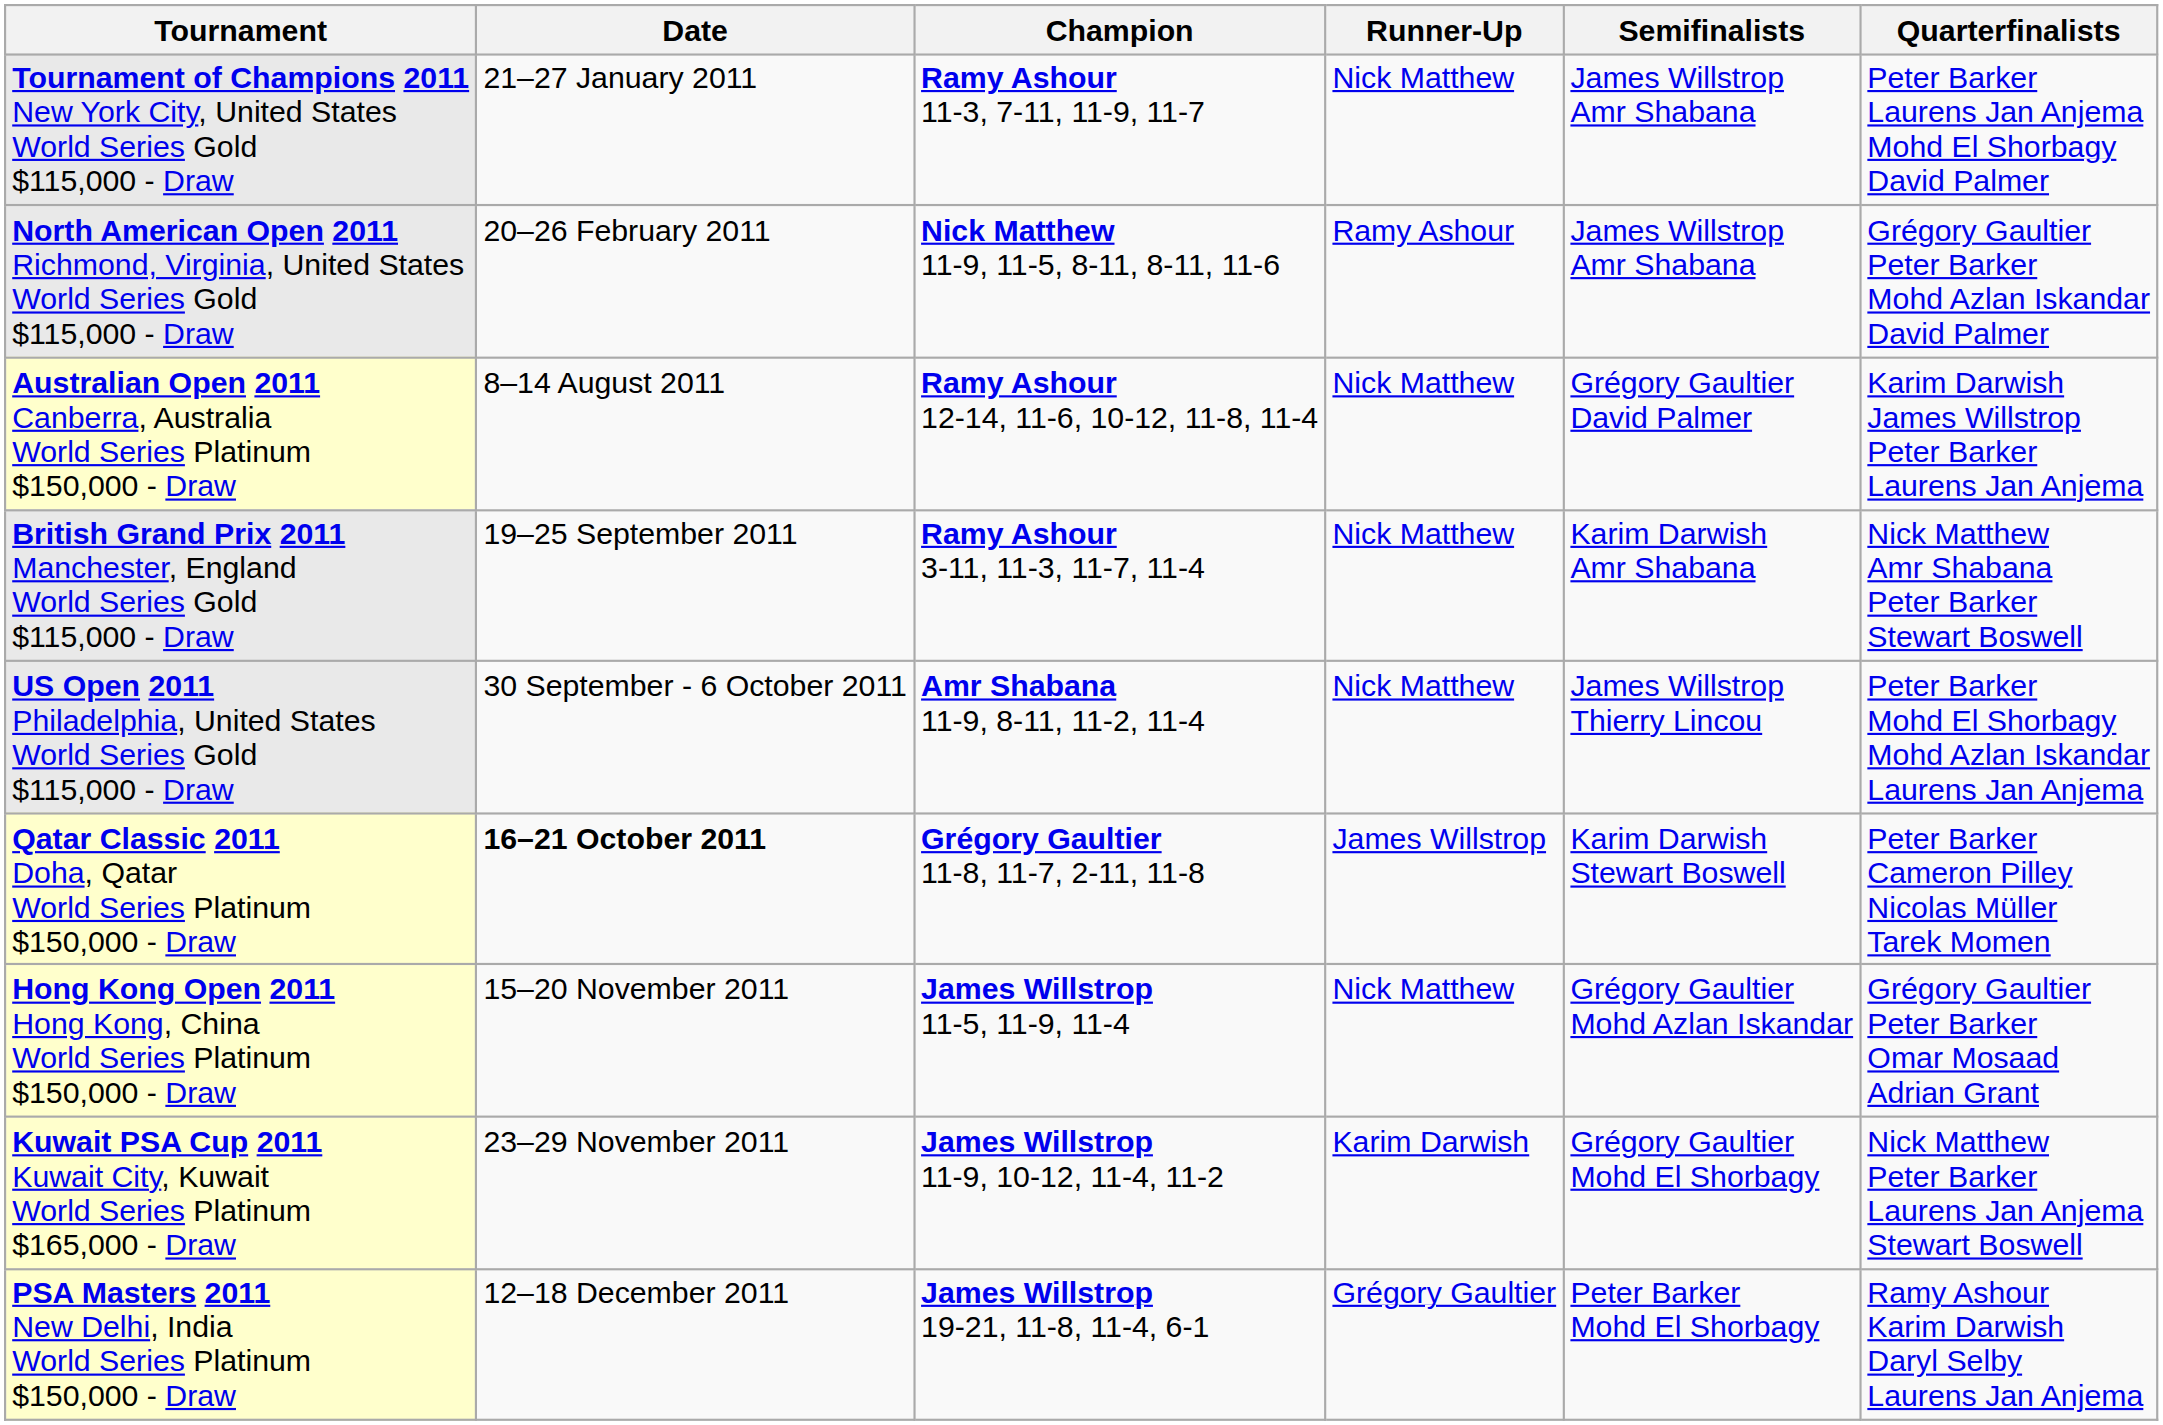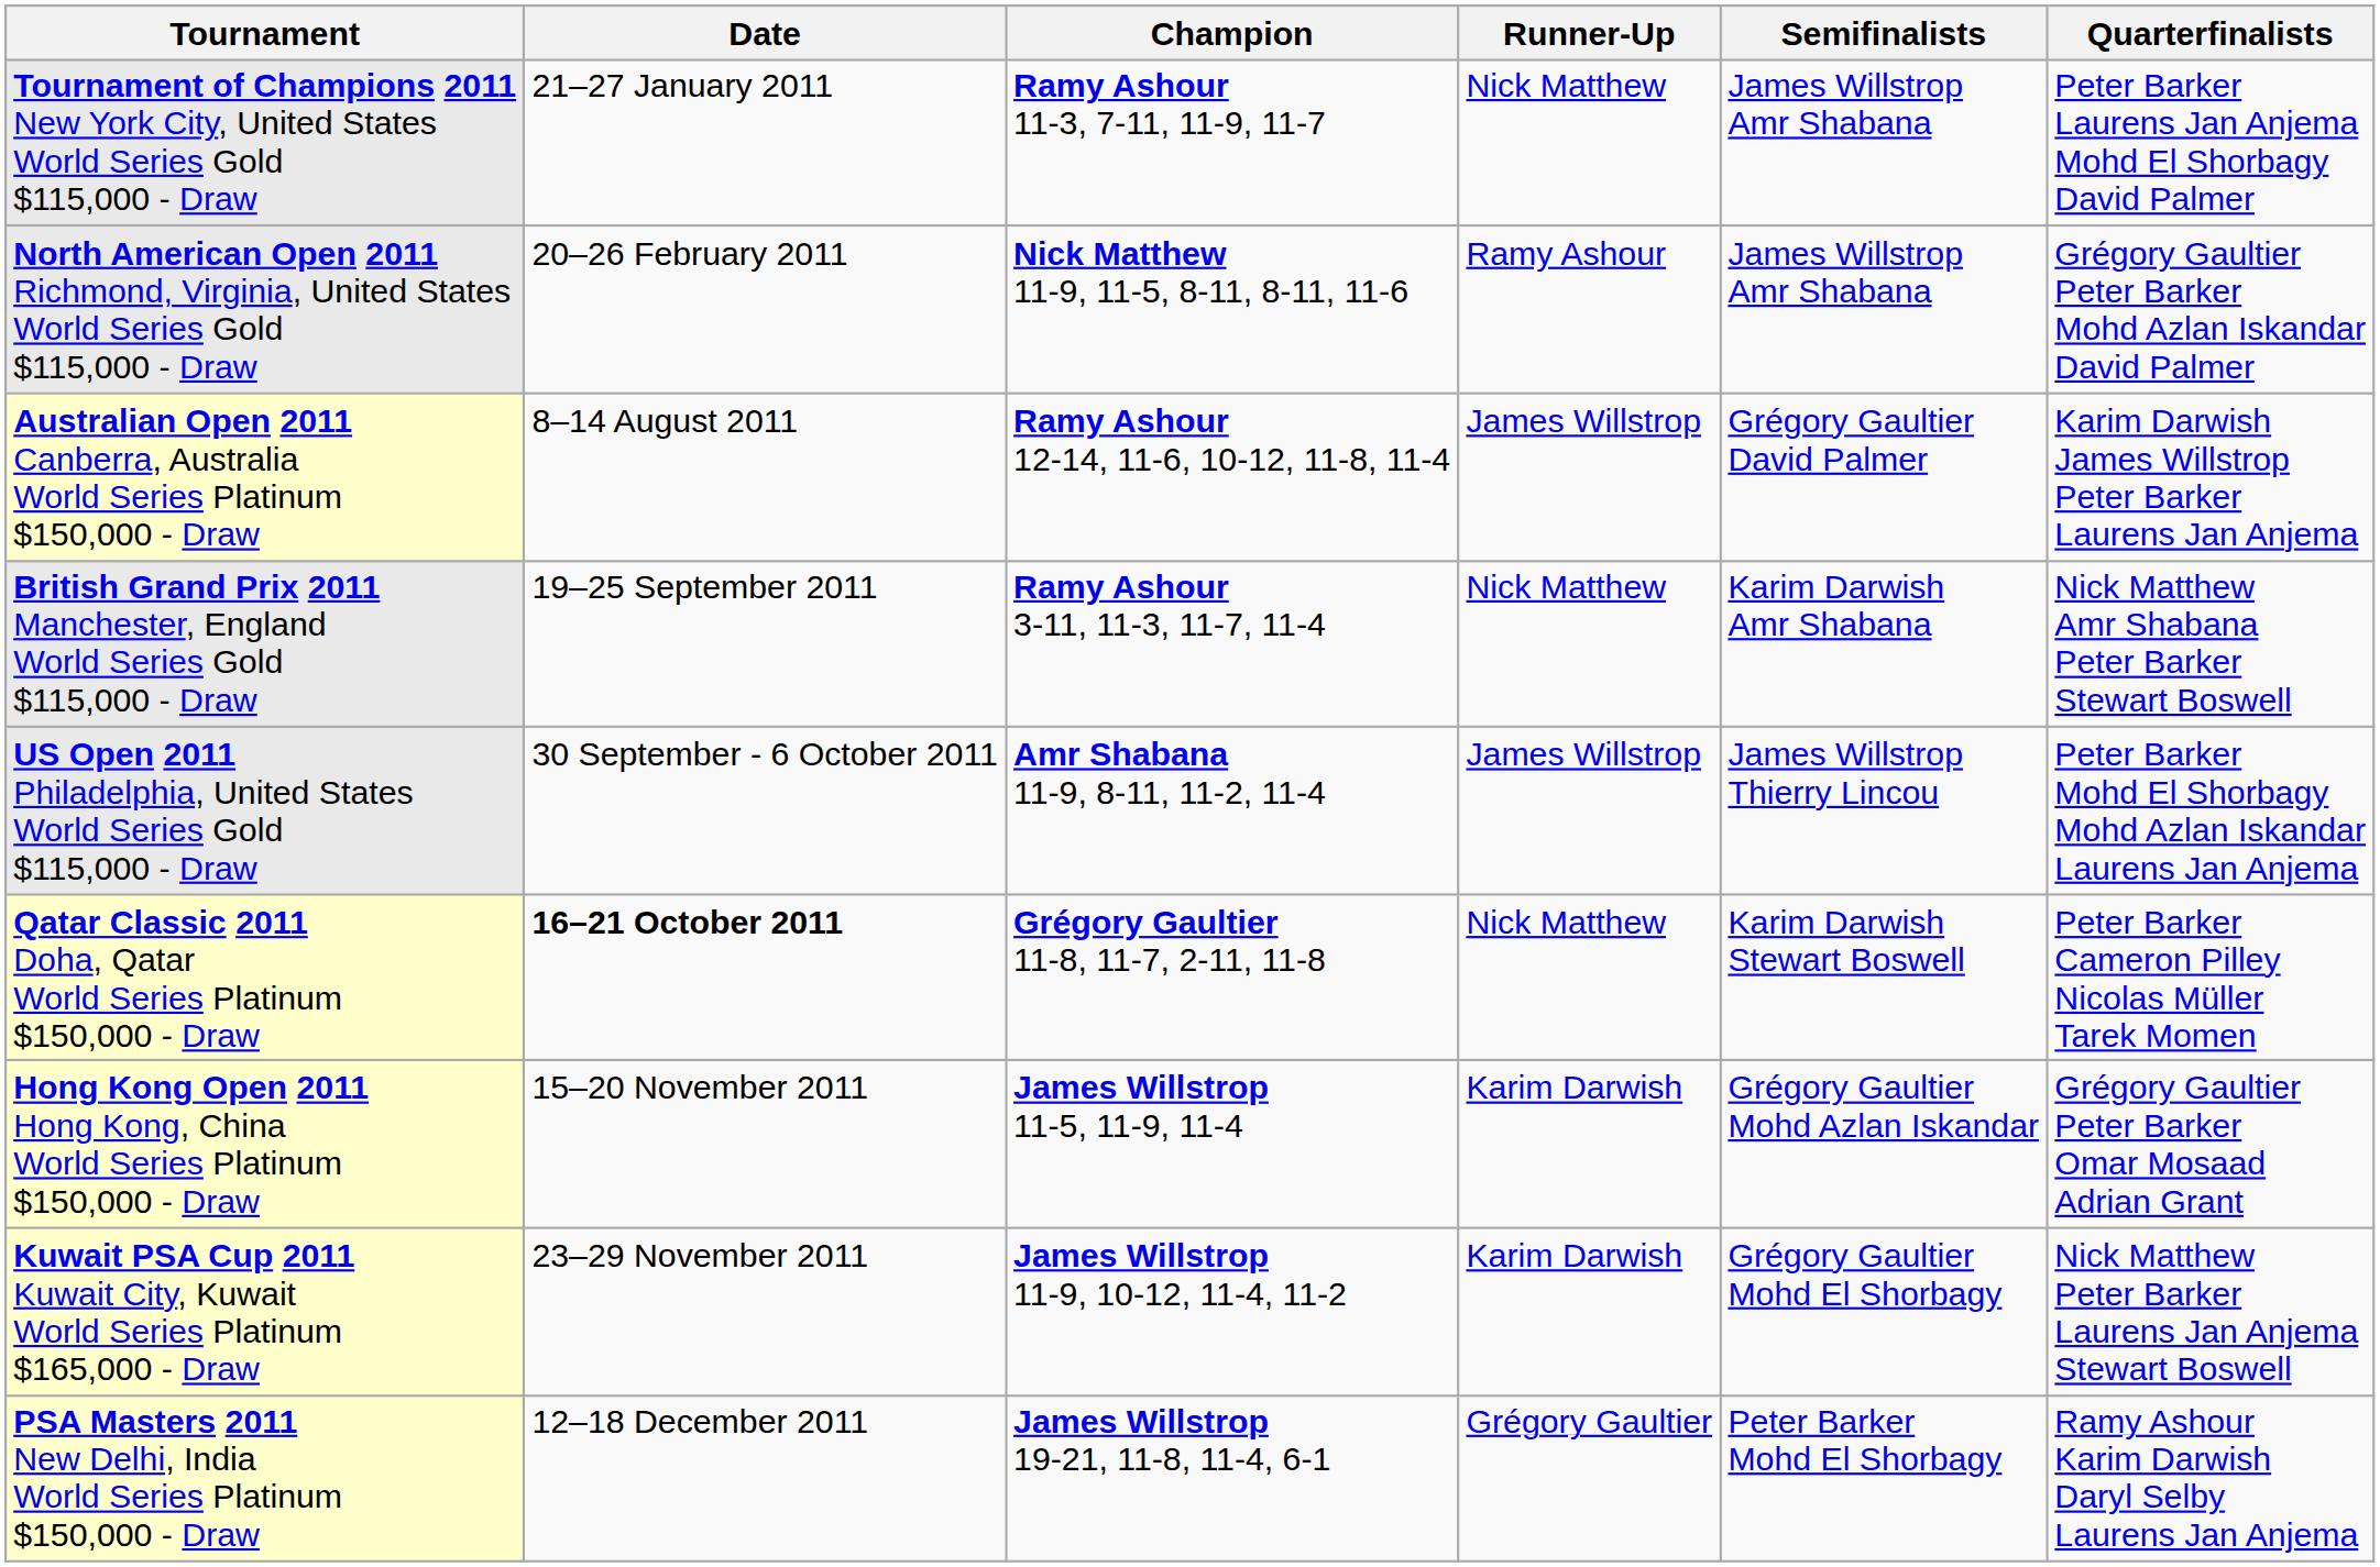 <table class="wikitable" style="font-size:88%">
 <tr>
 <th>Tournament</th>
 <th>Date</th>
 <th>Champion</th>
 <th>Runner-Up</th>
 <th>Semifinalists</th>
 <th>Quarterfinalists</th>
 </tr>
 <tr valign=top>
 <td style="background:#E9E9E9;"><strong><a href='#'>Tournament of Champions</a> <a href='#'>2011</a></strong><br> <a href='#'>New York City</a>, United States<br><a href='#'>World Series</a> Gold<br>$115,000 - <a href='#'>Draw</a></td>
 <td>21–27 January 2011</td>
 <td> <strong><a href='#'>Ramy Ashour</a></strong><br>11-3, 7-11, 11-9, 11-7</td>
 <td> <a href='#'>Nick Matthew</a></td>
 <td> <a href='#'>James Willstrop</a><br> <a href='#'>Amr Shabana</a></td>
 <td> <a href='#'>Peter Barker</a><br> <a href='#'>Laurens Jan Anjema</a><br> <a href='#'>Mohd El Shorbagy</a><br> <a href='#'>David Palmer</a></td>
 </tr>
 <tr valign=top>
 <td style="background:#E9E9E9;"><strong><a href='#'>North American Open</a> <a href='#'>2011</a></strong><br> <a href='#'>Richmond, Virginia</a>, United States<br><a href='#'>World Series</a> Gold<br>$115,000 - <a href='#'>Draw</a></td>
 <td>20–26 February 2011</td>
 <td> <strong><a href='#'>Nick Matthew</a></strong><br>11-9, 11-5, 8-11, 8-11, 11-6</td>
 <td> <a href='#'>Ramy Ashour</a></td>
 <td> <a href='#'>James Willstrop</a><br> <a href='#'>Amr Shabana</a></td>
 <td> <a href='#'>Grégory Gaultier</a><br> <a href='#'>Peter Barker</a><br> <a href='#'>Mohd Azlan Iskandar</a><br> <a href='#'>David Palmer</a></td>
 </tr>
 <tr valign=top>
 <td style="background:#ffc;"><strong><a href='#'>Australian Open</a> <a href='#'>2011</a></strong><br> <a href='#'>Canberra</a>, Australia<br><a href='#'>World Series</a> Platinum<br>$150,000 - <a href='#'>Draw</a></td>
 <td>8–14 August 2011</td>
 <td> <strong><a href='#'>Ramy Ashour</a></strong><br>12-14, 11-6, 10-12, 11-8, 11-4</td>
-<td> <a href='#'>Nick Matthew</a></td>
+<td> <a href='#'>James Willstrop</a></td>
 <td> <a href='#'>Grégory Gaultier</a><br> <a href='#'>David Palmer</a></td>
 <td> <a href='#'>Karim Darwish</a><br> <a href='#'>James Willstrop</a><br> <a href='#'>Peter Barker</a><br> <a href='#'>Laurens Jan Anjema</a></td>
 </tr>
 <tr valign=top>
 <td style="background:#E9E9E9;"><strong><a href='#'>British Grand Prix</a> <a href='#'>2011</a></strong><br> <a href='#'>Manchester</a>, England<br><a href='#'>World Series</a> Gold<br>$115,000 - <a href='#'>Draw</a></td>
 <td>19–25 September 2011</td>
 <td> <strong><a href='#'>Ramy Ashour</a></strong><br>3-11, 11-3, 11-7, 11-4</td>
 <td> <a href='#'>Nick Matthew</a></td>
 <td> <a href='#'>Karim Darwish</a><br> <a href='#'>Amr Shabana</a></td>
 <td> <a href='#'>Nick Matthew</a><br> <a href='#'>Amr Shabana</a><br> <a href='#'>Peter Barker</a><br> <a href='#'>Stewart Boswell</a></td>
 </tr>
 <tr valign=top>
 <td style="background:#E9E9E9;"><strong><a href='#'>US Open</a> <a href='#'>2011</a></strong><br> <a href='#'>Philadelphia</a>, United States<br><a href='#'>World Series</a> Gold<br>$115,000 - <a href='#'>Draw</a></td>
 <td>30 September - 6 October 2011</td>
 <td> <strong><a href='#'>Amr Shabana</a></strong><br>11-9, 8-11, 11-2, 11-4</td>
-<td> <a href='#'>Nick Matthew</a></td>
+<td> <a href='#'>James Willstrop</a></td>
 <td> <a href='#'>James Willstrop</a><br> <a href='#'>Thierry Lincou</a></td>
 <td> <a href='#'>Peter Barker</a><br> <a href='#'>Mohd El Shorbagy</a><br> <a href='#'>Mohd Azlan Iskandar</a><br> <a href='#'>Laurens Jan Anjema</a></td>
 </tr>
 <tr valign=top>
 <td style="background:#ffc;"><strong><a href='#'>Qatar Classic</a> <a href='#'>2011</a></strong><br> <a href='#'>Doha</a>, Qatar<br><a href='#'>World Series</a> Platinum<br>$150,000 - <a href='#'>Draw</a></td>
 <td><strong>16–21 October 2011</strong></td>
 <td> <strong><a href='#'>Grégory Gaultier</a></strong><br>11-8, 11-7, 2-11, 11-8</td>
-<td> <a href='#'>James Willstrop</a></td>
+<td> <a href='#'>Nick Matthew</a></td>
 <td> <a href='#'>Karim Darwish</a><br> <a href='#'>Stewart Boswell</a></td>
 <td> <a href='#'>Peter Barker</a><br> <a href='#'>Cameron Pilley</a><br> <a href='#'>Nicolas Müller</a><br> <a href='#'>Tarek Momen</a></td>
 </tr>
 <tr valign=top>
 <td style="background:#ffc;"><strong><a href='#'>Hong Kong Open</a> <a href='#'>2011</a></strong><br> <a href='#'>Hong Kong</a>, China<br><a href='#'>World Series</a> Platinum<br>$150,000 - <a href='#'>Draw</a></td>
 <td>15–20 November 2011</td>
 <td> <strong><a href='#'>James Willstrop</a></strong><br>11-5, 11-9, 11-4</td>
-<td> <a href='#'>Nick Matthew</a></td>
+<td> <a href='#'>Karim Darwish</a></td>
 <td> <a href='#'>Grégory Gaultier</a><br> <a href='#'>Mohd Azlan Iskandar</a></td>
 <td> <a href='#'>Grégory Gaultier</a><br> <a href='#'>Peter Barker</a><br> <a href='#'>Omar Mosaad</a><br> <a href='#'>Adrian Grant</a></td>
 </tr>
 <tr valign=top>
 <td style="background:#ffc;"><strong><a href='#'>Kuwait PSA Cup</a> <a href='#'>2011</a></strong><br> <a href='#'>Kuwait City</a>, Kuwait<br><a href='#'>World Series</a> Platinum<br>$165,000 - <a href='#'>Draw</a></td>
 <td>23–29 November 2011</td>
 <td> <strong><a href='#'>James Willstrop</a></strong><br>11-9, 10-12, 11-4, 11-2</td>
 <td> <a href='#'>Karim Darwish</a></td>
 <td> <a href='#'>Grégory Gaultier</a><br> <a href='#'>Mohd El Shorbagy</a></td>
 <td> <a href='#'>Nick Matthew</a><br> <a href='#'>Peter Barker</a><br> <a href='#'>Laurens Jan Anjema</a><br> <a href='#'>Stewart Boswell</a></td>
 </tr>
 <tr valign=top>
 <td style="background:#ffc;"><strong><a href='#'>PSA Masters</a> <a href='#'>2011</a></strong><br> <a href='#'>New Delhi</a>, India<br><a href='#'>World Series</a> Platinum<br>$150,000 - <a href='#'>Draw</a></td>
 <td>12–18 December 2011</td>
 <td> <strong><a href='#'>James Willstrop</a></strong><br>19-21, 11-8, 11-4, 6-1</td>
 <td> <a href='#'>Grégory Gaultier</a></td>
 <td> <a href='#'>Peter Barker</a><br> <a href='#'>Mohd El Shorbagy</a></td>
 <td> <a href='#'>Ramy Ashour</a><br> <a href='#'>Karim Darwish</a><br> <a href='#'>Daryl Selby</a><br> <a href='#'>Laurens Jan Anjema</a></td>
 </tr>
 </table>
